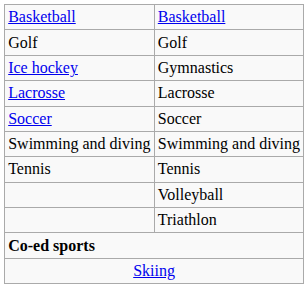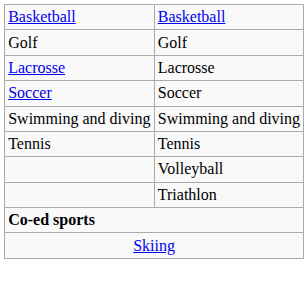 <table class="wikitable" style=" ">
 <tr>
 </tr>
 <tr>
 <td><a href='#'>Basketball</a></td>
 <td><a href='#'>Basketball</a></td>
 </tr>
 <tr>
 <td>Golf</td>
 <td>Golf</td>
-</tr>
-<tr>
-<td><a href='#'>Ice hockey</a></td>
-<td>Gymnastics</td>
 </tr>
 <tr>
 <td><a href='#'>Lacrosse</a></td>
 <td>Lacrosse</td>
 </tr>
 <tr>
 <td><a href='#'>Soccer</a></td>
 <td>Soccer</td>
 </tr>
 <tr>
 <td>Swimming and diving</td>
 <td>Swimming and diving</td>
 </tr>
 <tr>
 <td>Tennis</td>
 <td>Tennis</td>
 </tr>
 <tr>
 <td></td>
 <td>Volleyball</td>
 </tr>
 <tr>
 <td></td>
 <td>Triathlon</td>
 </tr>
 <tr>
 <td colspan="2"><strong>Co-ed sports</strong></td>
 </tr>
 <tr style="text-align:center">
 <td colspan="2"><a href='#'>Skiing</a></td>
 </tr>
 </table>
